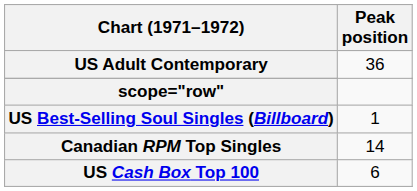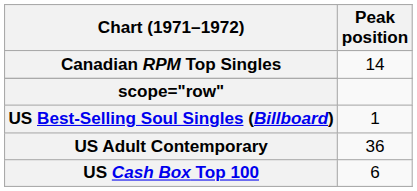 <table class="wikitable sortable plainrowheaders" style="text-align:center">
 <tr>
 <th scope="col">Chart (1971–1972)</th>
 <th scope="col">Peak<br>position</th>
 </tr>
 <tr>
-<th scope="row">US Adult Contemporary</th>
-<td>36</td>
+<th scope="row">Canadian <em>RPM</em> Top Singles</th>
+<td>14</td>
 </tr>
 <tr>
 </tr>
 <tr>
 <th>scope="row" </th>
 </tr>
 <tr>
 <th scope="row">US <a href='#'>Best-Selling Soul Singles</a> (<em><a href='#'>Billboard</a></em>)</th>
 <td>1</td>
 </tr>
 <tr>
-<th scope="row">Canadian <em>RPM</em> Top Singles</th>
-<td>14</td>
+<th scope="row">US Adult Contemporary</th>
+<td>36</td>
 </tr>
 <tr>
 <th scope="row">US <a href='#'><em>Cash Box</em> Top 100</a></th>
 <td>6</td>
 </tr>
 </table>
